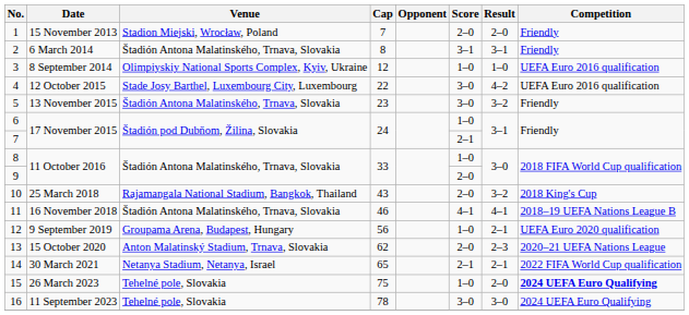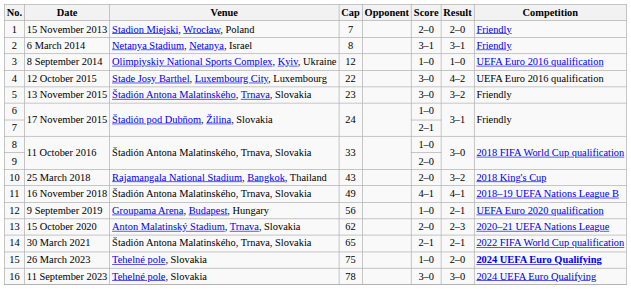 <table class="wikitable plainrowheaders sortable">
 <tr>
 <th scope="col">No.</th>
 <th scope="col" data-sort-type="date">Date</th>
 <th scope="col">Venue</th>
 <th scope="col">Cap</th>
 <th scope="col">Opponent</th>
 <th scope="col">Score</th>
 <th scope="col">Result</th>
 <th scope="col">Competition</th>
 </tr>
 <tr>
 <td align="center">1</td>
 <td>15 November 2013</td>
 <td><a href='#'>Stadion Miejski</a>, <a href='#'>Wrocław</a>, Poland</td>
 <td align="center">7</td>
 <td></td>
 <td align="center">2–0</td>
 <td align="center">2–0</td>
 <td><a href='#'>Friendly</a></td>
 </tr>
 <tr>
 <td align="center">2</td>
 <td>6 March 2014</td>
-<td>Štadión Antona Malatinského, Trnava, Slovakia</td>
+<td><a href='#'>Netanya Stadium</a>, <a href='#'>Netanya</a>, Israel</td>
 <td align="center">8</td>
 <td></td>
 <td align="center">3–1</td>
 <td align="center">3–1</td>
 <td><a href='#'>Friendly</a></td>
 </tr>
 <tr>
 <td align="center">3</td>
 <td>8 September 2014</td>
 <td><a href='#'>Olimpiyskiy National Sports Complex</a>, <a href='#'>Kyiv</a>, Ukraine</td>
 <td align="center">12</td>
 <td></td>
 <td align="center">1–0</td>
 <td align="center">1–0</td>
 <td><a href='#'>UEFA Euro 2016 qualification</a></td>
 </tr>
 <tr>
 <td align="center">4</td>
 <td>12 October 2015</td>
 <td><a href='#'>Stade Josy Barthel</a>, <a href='#'>Luxembourg City</a>, Luxembourg</td>
 <td align="center">22</td>
 <td></td>
 <td align="center">3–0</td>
 <td align="center">4–2</td>
 <td>UEFA Euro 2016 qualification</td>
 </tr>
 <tr>
 <td align="center">5</td>
 <td>13 November 2015</td>
 <td><a href='#'>Štadión Antona Malatinského</a>, <a href='#'>Trnava</a>, Slovakia</td>
 <td align="center">23</td>
 <td></td>
 <td align="center">3–0</td>
 <td align="center">3–2</td>
 <td>Friendly</td>
 </tr>
 <tr>
 <td align="center">6</td>
 <td rowspan="2">17 November 2015</td>
 <td rowspan="2"><a href='#'>Štadión pod Dubňom</a>, <a href='#'>Žilina</a>, Slovakia</td>
 <td rowspan="2" style="text-align:center">24</td>
 <td rowspan="2"></td>
 <td align="center">1–0</td>
 <td rowspan="2" style="text-align:center">3–1</td>
 <td rowspan="2">Friendly</td>
 </tr>
 <tr>
 <td align="center">7</td>
 <td align="center">2–1</td>
 </tr>
 <tr>
 <td align="center">8</td>
 <td rowspan="2">11 October 2016</td>
 <td rowspan="2">Štadión Antona Malatinského, Trnava, Slovakia</td>
 <td rowspan="2" style="text-align:center">33</td>
 <td rowspan="2"></td>
 <td align="center">1–0</td>
 <td rowspan="2" style="text-align:center">3–0</td>
 <td rowspan="2"><a href='#'>2018 FIFA World Cup qualification</a></td>
 </tr>
 <tr>
 <td align="center">9</td>
 <td align="center">2–0</td>
 </tr>
 <tr>
 <td align="center">10</td>
 <td>25 March 2018</td>
 <td><a href='#'>Rajamangala National Stadium</a>, <a href='#'>Bangkok</a>, Thailand</td>
 <td align="center">43</td>
 <td></td>
 <td align="center">2–0</td>
 <td align="center">3–2</td>
 <td><a href='#'>2018 King's Cup</a></td>
 </tr>
 <tr>
 <td align="center">11</td>
 <td>16 November 2018</td>
 <td>Štadión Antona Malatinského, Trnava, Slovakia</td>
-<td align="center">46</td>
+<td align="center">49</td>
 <td></td>
 <td align="center">4–1</td>
 <td align="center">4–1</td>
 <td><a href='#'>2018–19 UEFA Nations League B</a></td>
 </tr>
 <tr>
 <td align="center">12</td>
 <td>9 September 2019</td>
 <td><a href='#'>Groupama Arena</a>, <a href='#'>Budapest</a>, Hungary</td>
 <td align="center">56</td>
 <td></td>
 <td align="center">1–0</td>
 <td align="center">2–1</td>
 <td><a href='#'>UEFA Euro 2020 qualification</a></td>
 </tr>
 <tr>
 <td align="center">13</td>
 <td>15 October 2020</td>
 <td><a href='#'>Anton Malatinský Stadium</a>, <a href='#'>Trnava</a>, Slovakia</td>
 <td align="center">62</td>
 <td></td>
 <td align="center">2–0</td>
 <td align="center">2–3</td>
 <td><a href='#'>2020–21 UEFA Nations League</a></td>
 </tr>
 <tr>
 <td align="center">14</td>
 <td>30 March 2021</td>
-<td><a href='#'>Netanya Stadium</a>, <a href='#'>Netanya</a>, Israel</td>
+<td>Štadión Antona Malatinského, Trnava, Slovakia</td>
 <td align="center">65</td>
 <td></td>
 <td align="center">2–1</td>
 <td align="center">2–1</td>
 <td><a href='#'>2022 FIFA World Cup qualification</a></td>
 </tr>
 <tr>
 <td align="center">15</td>
 <td>26 March 2023</td>
 <td><a href='#'>Tehelné pole</a>, Slovakia</td>
 <td align="center">75</td>
 <td></td>
 <td align="center">1–0</td>
 <td align="center">2–0</td>
 <td><strong><a href='#'>2024 UEFA Euro Qualifying</a></strong></td>
 </tr>
 <tr>
 <td align="center">16</td>
 <td>11 September 2023</td>
 <td><a href='#'>Tehelné pole</a>, Slovakia</td>
 <td align="center">78</td>
 <td></td>
 <td align="center">3–0</td>
 <td align="center">3–0</td>
 <td><a href='#'>2024 UEFA Euro Qualifying</a></td>
 </tr>
 <tr>
 </tr>
 </table>
